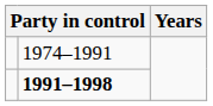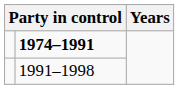 <table class="wikitable">
 <tr>
 <th colspan=2>Party in control</th>
 <th>Years</th>
 </tr>
 <tr>
 <td></td>
-<td>1974–1991</td>
+<td><strong>1974–1991</strong></td>
 </tr>
 <tr>
 <td></td>
-<td><strong>1991–1998</strong></td>
+<td>1991–1998</td>
 </tr>
 </table>
